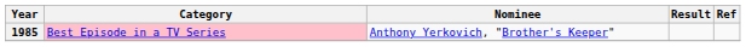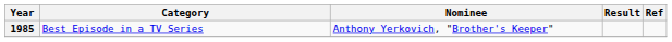 <table class="wikitable plainrowheaders">
 <tr>
 <th scope="col"; width=40>Year</th>
 <th scope="col"; width=375>Category</th>
 <th scope="col"; width=350>Nominee</th>
 <th scope="col"; width=40>Result</th>
 <th scope="col"; width=25>Ref</th>
 </tr>
 <tr>
 <th scope="row">1985</th>
-<td style="background: pink;"><a href='#'>Best Episode in a TV Series</a></td>
+<td><a href='#'>Best Episode in a TV Series</a></td>
 <td><a href='#'>Anthony Yerkovich</a>, "<a href='#'>Brother's Keeper</a>"</td>
 <td></td>
 <td></td>
 </tr>
 <tr>
 </tr>
 </table>
